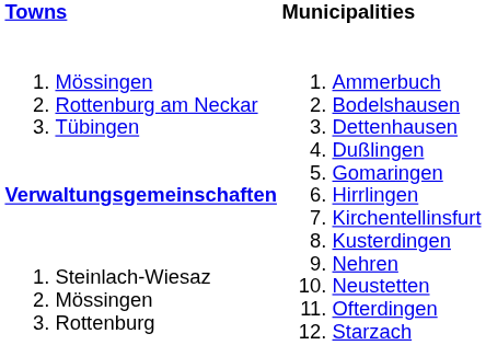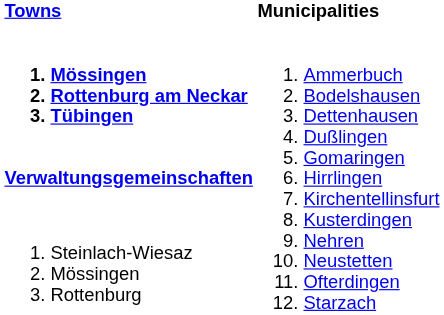 <table>
 <tr>
 <th width=50% align=left><a href='#'>Towns</a></th>
 <th width=50% align=left>Municipalities</th>
 </tr>
 <tr valign=top>
-<td><br><ol><li><a href='#'>Mössingen</a></li><li><a href='#'>Rottenburg am Neckar</a></li><li><a href='#'>Tübingen</a></li></ol></td>
+<td><strong><br><ol><li><a href='#'>Mössingen</a></li><li><a href='#'>Rottenburg am Neckar</a></li><li><a href='#'>Tübingen</a></li></ol></strong></td>
 <td rowspan=3><br><ol><li><a href='#'>Ammerbuch</a></li><li><a href='#'>Bodelshausen</a></li><li><a href='#'>Dettenhausen</a></li><li><a href='#'>Dußlingen</a></li><li><a href='#'>Gomaringen</a></li><li><a href='#'>Hirrlingen</a></li><li><a href='#'>Kirchentellinsfurt</a></li><li><a href='#'>Kusterdingen</a></li><li><a href='#'>Nehren</a></li><li><a href='#'>Neustetten</a></li><li><a href='#'>Ofterdingen</a></li><li><a href='#'>Starzach</a></li></ol></td>
 </tr>
 <tr>
 <th align=left><a href='#'>Verwaltungsgemeinschaften</a></th>
 </tr>
 <tr>
 <td><br><ol><li>Steinlach-Wiesaz</li><li>Mössingen</li><li>Rottenburg</li></ol></td>
 </tr>
 </table>
